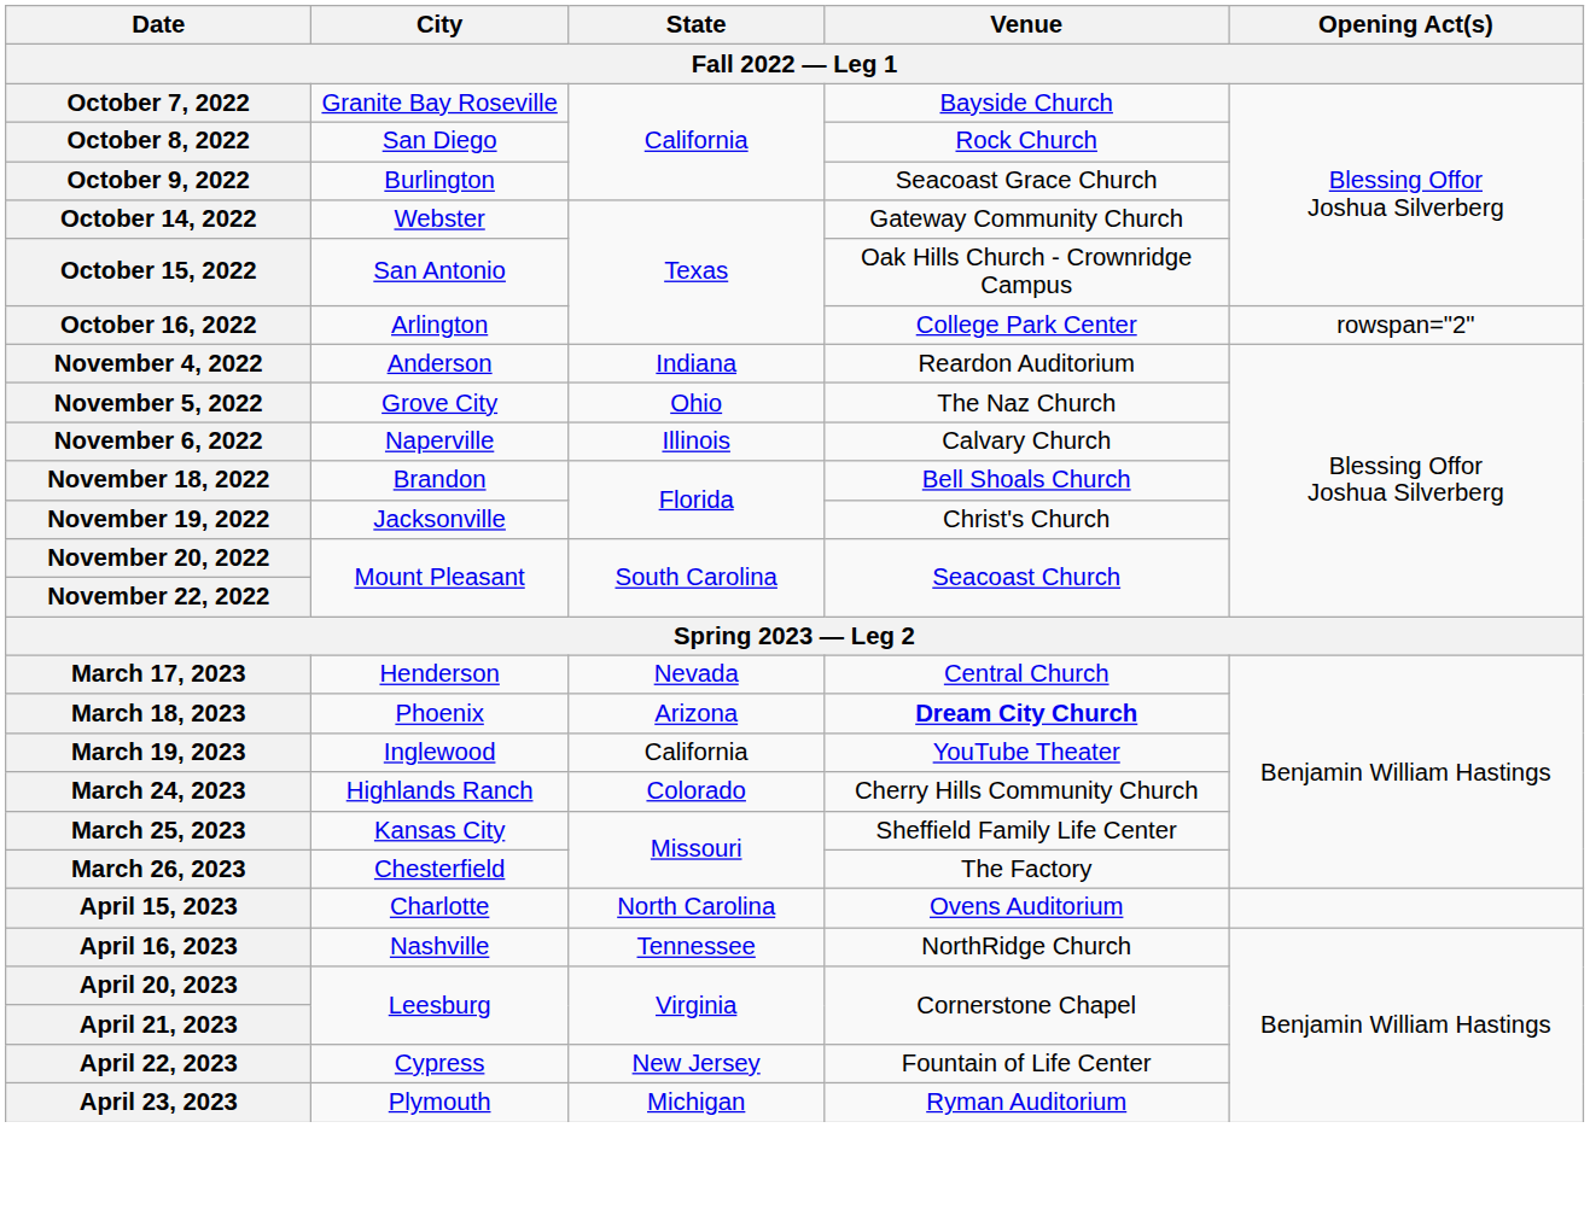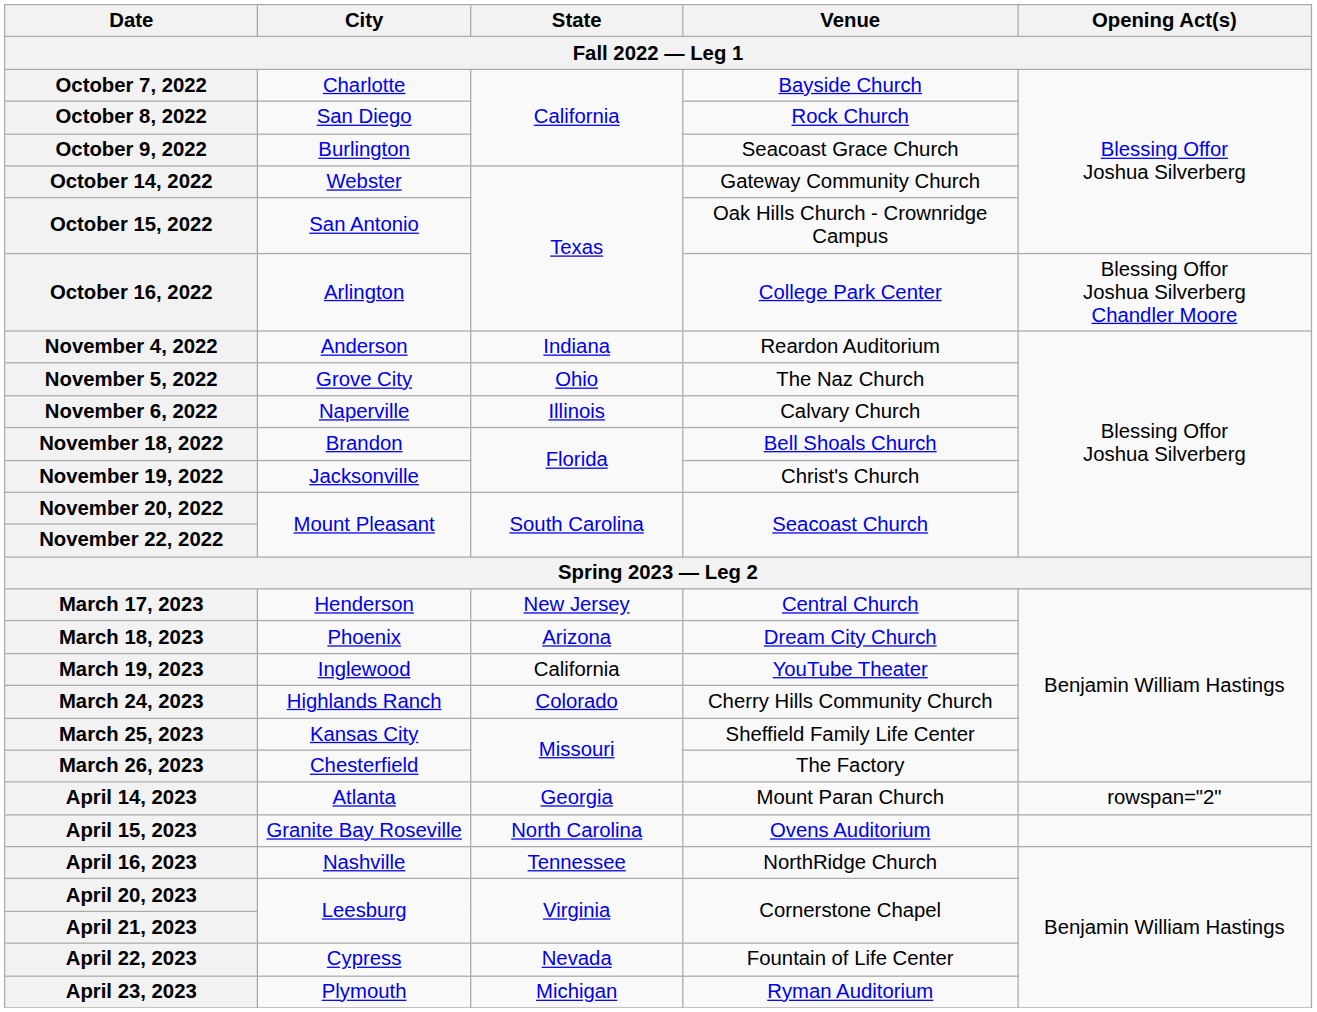 <table class="wikitable plainrowheaders" style="text-align:center;">
 <tr>
 <th scope="col" style="width:12em;">Date</th>
 <th scope="col" style="width:10em;">City</th>
 <th scope="col" style="width:10em;">State</th>
 <th scope="col" style="width:16em;">Venue</th>
 <th scope="col" style="width:14em;">Opening Act(s)</th>
 </tr>
 <tr>
 <th colspan="5">Fall 2022 — Leg 1</th>
 </tr>
 <tr>
 <th scope="row" style="text-align:center;">October 7, 2022</th>
-<td><a href='#'>Granite Bay Roseville</a></td>
+<td><a href='#'>Charlotte</a></td>
 <td rowspan="3"><a href='#'>California</a></td>
 <td><a href='#'>Bayside Church</a></td>
 <td rowspan="5"><a href='#'>Blessing Offor</a><br>Joshua Silverberg</td>
 </tr>
 <tr>
 <th scope="row" style="text-align:center;">October 8, 2022</th>
 <td><a href='#'>San Diego</a></td>
 <td><a href='#'>Rock Church</a></td>
 </tr>
 <tr>
 <th scope="row" style="text-align:center;">October 9, 2022</th>
 <td><a href='#'>Burlington</a></td>
 <td>Seacoast Grace Church</td>
 </tr>
 <tr>
 <th scope="row" style="text-align:center;">October 14, 2022</th>
 <td><a href='#'>Webster</a></td>
 <td rowspan="3"><a href='#'>Texas</a></td>
 <td>Gateway Community Church</td>
 </tr>
 <tr>
 <th scope="row" style="text-align:center;">October 15, 2022</th>
 <td><a href='#'>San Antonio</a></td>
 <td>Oak Hills Church - Crownridge Campus</td>
 </tr>
 <tr>
 <th scope="row" style="text-align:center;">October 16, 2022</th>
 <td><a href='#'>Arlington</a></td>
 <td><a href='#'>College Park Center</a></td>
-<td>rowspan="2" </td>
+<td>Blessing Offor<br>Joshua Silverberg<br><a href='#'>Chandler Moore</a></td>
 </tr>
 <tr>
 <th scope="row" style="text-align:center;">November 4, 2022</th>
 <td><a href='#'>Anderson</a></td>
 <td><a href='#'>Indiana</a></td>
 <td>Reardon Auditorium</td>
 <td rowspan="7">Blessing Offor<br>Joshua Silverberg</td>
 </tr>
 <tr>
 <th scope="row" style="text-align:center;">November 5, 2022</th>
 <td><a href='#'>Grove City</a></td>
 <td><a href='#'>Ohio</a></td>
 <td>The Naz Church</td>
 </tr>
 <tr>
 <th scope="row" style="text-align:center;">November 6, 2022</th>
 <td><a href='#'>Naperville</a></td>
 <td><a href='#'>Illinois</a></td>
 <td>Calvary Church</td>
 </tr>
 <tr>
 <th scope="row" style="text-align:center;">November 18, 2022</th>
 <td><a href='#'>Brandon</a></td>
 <td rowspan="2"><a href='#'>Florida</a></td>
 <td><a href='#'>Bell Shoals Church</a></td>
 </tr>
 <tr>
 <th scope="row" style="text-align:center;">November 19, 2022</th>
 <td><a href='#'>Jacksonville</a></td>
 <td>Christ's Church</td>
 </tr>
 <tr>
 <th scope="row" style="text-align:center;">November 20, 2022</th>
 <td rowspan="2"><a href='#'>Mount Pleasant</a></td>
 <td rowspan="2"><a href='#'>South Carolina</a></td>
 <td rowspan="2"><a href='#'>Seacoast Church</a></td>
 </tr>
 <tr>
 <th scope="row" style="text-align:center;">November 22, 2022</th>
 </tr>
 <tr>
 <th colspan="5">Spring 2023 — Leg 2</th>
 </tr>
 <tr>
 <th scope="row" style="text-align:center;">March 17, 2023</th>
 <td><a href='#'>Henderson</a></td>
-<td><a href='#'>Nevada</a></td>
+<td><a href='#'>New Jersey</a></td>
 <td><a href='#'>Central Church</a></td>
 <td rowspan="6">Benjamin William Hastings</td>
 </tr>
 <tr>
 <th scope="row" style="text-align:center;">March 18, 2023</th>
 <td><a href='#'>Phoenix</a></td>
 <td><a href='#'>Arizona</a></td>
-<td><strong><a href='#'>Dream City Church</a></strong></td>
+<td><a href='#'>Dream City Church</a></td>
 </tr>
 <tr>
 <th scope="row" style="text-align:center;">March 19, 2023</th>
 <td><a href='#'>Inglewood</a></td>
 <td>California</td>
 <td><a href='#'>YouTube Theater</a></td>
 </tr>
 <tr>
 <th scope="row" style="text-align:center;">March 24, 2023</th>
 <td><a href='#'>Highlands Ranch</a></td>
 <td><a href='#'>Colorado</a></td>
 <td>Cherry Hills Community Church</td>
 </tr>
 <tr>
 <th scope="row" style="text-align:center;">March 25, 2023</th>
 <td><a href='#'>Kansas City</a></td>
 <td rowspan="2"><a href='#'>Missouri</a></td>
 <td>Sheffield Family Life Center</td>
 </tr>
 <tr>
 <th scope="row" style="text-align:center;">March 26, 2023</th>
 <td><a href='#'>Chesterfield</a></td>
 <td>The Factory</td>
 </tr>
 <tr>
+<th scope="row" style="text-align:center;">April 14, 2023</th>
+<td><a href='#'>Atlanta</a></td>
+<td><a href='#'>Georgia</a></td>
+<td>Mount Paran Church</td>
+<td>rowspan="2" </td>
+</tr>
+<tr>
 <th scope="row" style="text-align:center;">April 15, 2023</th>
-<td><a href='#'>Charlotte</a></td>
+<td><a href='#'>Granite Bay Roseville</a></td>
 <td><a href='#'>North Carolina</a></td>
 <td><a href='#'>Ovens Auditorium</a></td>
 </tr>
 <tr>
 <th scope="row" style="text-align:center;">April 16, 2023</th>
 <td><a href='#'>Nashville</a></td>
 <td><a href='#'>Tennessee</a></td>
 <td>NorthRidge Church</td>
 <td rowspan="5">Benjamin William Hastings</td>
 </tr>
 <tr>
 <th scope="row" style="text-align:center;">April 20, 2023</th>
 <td rowspan="2"><a href='#'>Leesburg</a></td>
 <td rowspan="2"><a href='#'>Virginia</a></td>
 <td rowspan="2">Cornerstone Chapel</td>
 </tr>
 <tr>
 <th scope="row" style="text-align:center;">April 21, 2023</th>
 </tr>
 <tr>
 <th scope="row" style="text-align:center;">April 22, 2023</th>
 <td><a href='#'>Cypress</a></td>
-<td><a href='#'>New Jersey</a></td>
+<td><a href='#'>Nevada</a></td>
 <td>Fountain of Life Center</td>
 </tr>
 <tr>
 <th scope="row" style="text-align:center;">April 23, 2023</th>
 <td><a href='#'>Plymouth</a></td>
 <td><a href='#'>Michigan</a></td>
 <td><a href='#'>Ryman Auditorium</a></td>
 </tr>
 </table>
